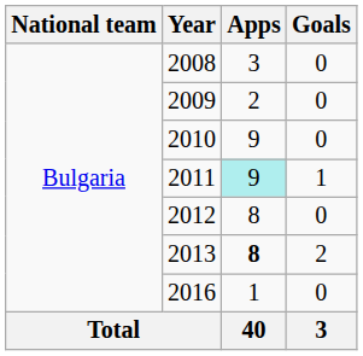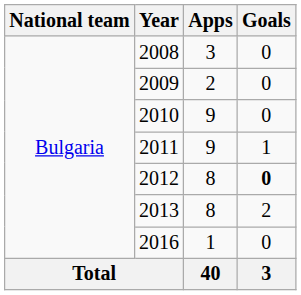 <table class="wikitable" style="text-align:center">
 <tr>
 <th>National team</th>
 <th>Year</th>
 <th>Apps</th>
 <th>Goals</th>
 </tr>
 <tr>
 <td rowspan="7"><a href='#'>Bulgaria</a></td>
 <td>2008</td>
 <td>3</td>
 <td>0</td>
 </tr>
 <tr>
 <td>2009</td>
 <td>2</td>
 <td>0</td>
 </tr>
 <tr>
 <td>2010</td>
 <td>9</td>
 <td>0</td>
 </tr>
 <tr>
 <td>2011</td>
-<td style="background: paleturquoise;">9</td>
+<td>9</td>
 <td>1</td>
 </tr>
 <tr>
 <td>2012</td>
 <td>8</td>
-<td>0</td>
+<td><strong>0</strong></td>
 </tr>
 <tr>
 <td>2013</td>
-<td><strong>8</strong></td>
+<td>8</td>
 <td>2</td>
 </tr>
 <tr>
 <td>2016</td>
 <td>1</td>
 <td>0</td>
 </tr>
 <tr>
 <th colspan="2">Total</th>
 <th>40</th>
 <th>3</th>
 </tr>
 </table>
